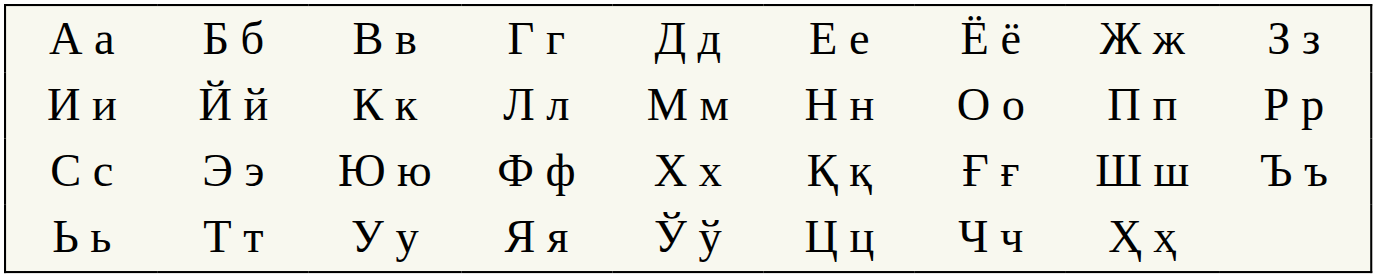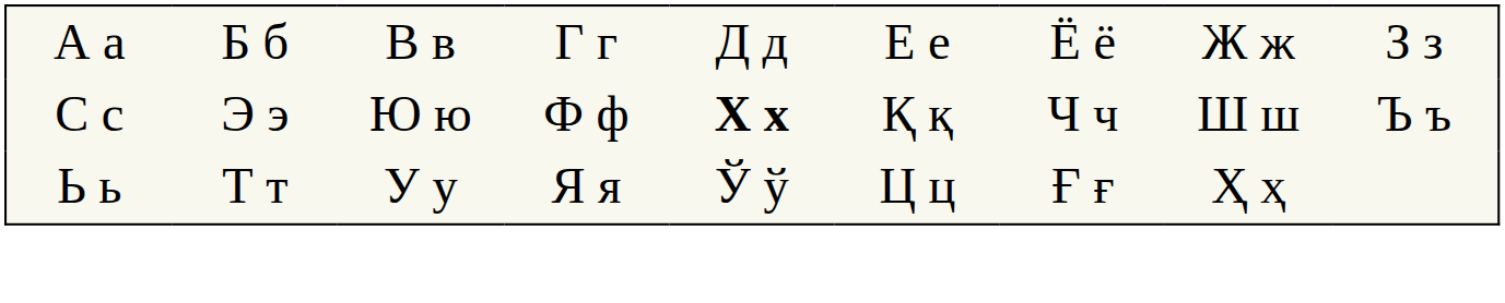 <table style="font-family:Arial Unicode MS; font-size:1.4em; border-color:#000000; border-width:1px; border-style:solid; border-collapse:collapse; background-color:#F8F8EF;">
 <tr>
 <td style="width:3em; text-align:center; padding: 3px;">А а</td>
 <td style="width:3em; text-align:center; padding: 3px;">Б б</td>
 <td style="width:3em; text-align:center; padding: 3px;">В в</td>
 <td style="width:3em; text-align:center; padding: 3px;">Г г</td>
 <td style="width:3em; text-align:center; padding: 3px;">Д д</td>
 <td style="width:3em; text-align:center; padding: 3px;">Е е</td>
 <td style="width:3em; text-align:center; padding: 3px;">Ё ё</td>
 <td style="width:3em; text-align:center; padding: 3px;">Ж ж</td>
 <td style="width:3em; text-align:center; padding: 3px;">З з</td>
 </tr>
 <tr>
-<td style="width:3em; text-align:center; padding: 3px;">И и</td>
-<td style="width:3em; text-align:center; padding: 3px;">Й й</td>
-<td style="width:3em; text-align:center; padding: 3px;">К к</td>
-<td style="width:3em; text-align:center; padding: 3px;">Л л</td>
-<td style="width:3em; text-align:center; padding: 3px;">М м</td>
-<td style="width:3em; text-align:center; padding: 3px;">Н н</td>
-<td style="width:3em; text-align:center; padding: 3px;">О о</td>
-<td style="width:3em; text-align:center; padding: 3px;">П п</td>
-<td style="width:3em; text-align:center; padding: 3px;">Р р</td>
-</tr>
-<tr>
 <td style="width:3em; text-align:center; padding: 3px;">С с</td>
 <td style="width:3em; text-align:center; padding: 3px;">Э э</td>
 <td style="width:3em; text-align:center; padding: 3px;">Ю ю</td>
 <td style="width:3em; text-align:center; padding: 3px;">Ф ф</td>
-<td style="width:3em; text-align:center; padding: 3px;">Х х</td>
+<td style="width:3em; text-align:center; padding: 3px;"><strong>Х х</strong></td>
 <td style="width:3em; text-align:center; padding: 3px;">Қ қ</td>
-<td style="width:3em; text-align:center; padding: 3px;">Ғ ғ</td>
+<td style="width:3em; text-align:center; padding: 3px;">Ч ч</td>
 <td style="width:3em; text-align:center; padding: 3px;">Ш ш</td>
 <td style="width:3em; text-align:center; padding: 3px;">Ъ ъ</td>
 </tr>
 <tr>
 <td style="width:3em; text-align:center; padding: 3px;">Ь ь</td>
 <td style="width:3em; text-align:center; padding: 3px;">Т т</td>
 <td style="width:3em; text-align:center; padding: 3px;">У у</td>
 <td style="width:3em; text-align:center; padding: 3px;">Я я</td>
 <td style="width:3em; text-align:center; padding: 3px;">Ў ў</td>
 <td style="width:3em; text-align:center; padding: 3px;">Ц ц</td>
-<td style="width:3em; text-align:center; padding: 3px;">Ч ч</td>
+<td style="width:3em; text-align:center; padding: 3px;">Ғ ғ</td>
 <td style="width:3em; text-align:center; padding: 3px;">Ҳ ҳ</td>
 </tr>
 </table>
